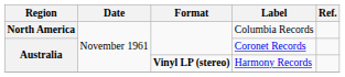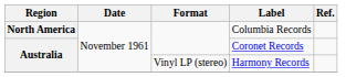 <table class="wikitable plainrowheaders">
 <tr>
 <th scope="col">Region</th>
 <th scope="col">Date</th>
 <th scope="col">Format</th>
 <th scope="col">Label</th>
 <th scope="col">Ref.</th>
 </tr>
 <tr>
 <th scope="row">North America</th>
 <td rowspan="3">November 1961</td>
 <td rowspan="2"></td>
 <td>Columbia Records</td>
 <td></td>
 </tr>
 <tr>
 <th scope="row" rowspan="2">Australia</th>
 <td><a href='#'>Coronet Records</a></td>
 <td></td>
 </tr>
 <tr>
-<td><strong>Vinyl LP (stereo)</strong></td>
+<td>Vinyl LP (stereo)</td>
 <td><a href='#'>Harmony Records</a></td>
 <td></td>
 </tr>
 <tr>
 </tr>
 </table>
